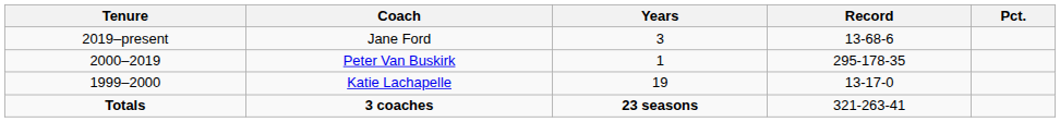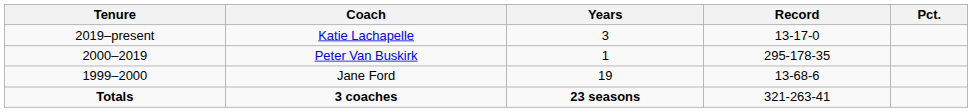 <table class="wikitable" width="60%">
 <tr>
 <th>Tenure</th>
 <th>Coach</th>
 <th>Years</th>
 <th>Record</th>
 <th>Pct.</th>
 </tr>
 <tr align="center">
 <td>2019–present</td>
-<td>Jane Ford</td>
+<td><a href='#'>Katie Lachapelle</a></td>
 <td>3</td>
-<td>13-68-6</td>
+<td>13-17-0</td>
 <td></td>
 </tr>
 <tr align="center">
 <td>2000–2019</td>
 <td><a href='#'>Peter Van Buskirk</a></td>
 <td>1</td>
 <td>295-178-35</td>
 <td></td>
 </tr>
 <tr align="center">
 <td>1999–2000</td>
-<td><a href='#'>Katie Lachapelle</a></td>
+<td>Jane Ford</td>
 <td>19</td>
-<td>13-17-0</td>
+<td>13-68-6</td>
 <td></td>
 </tr>
 <tr align="center">
 <td><strong>Totals</strong></td>
 <td><strong>3 coaches</strong></td>
 <td><strong>23 seasons</strong></td>
 <td>321-263-41</td>
 <td></td>
 </tr>
 </table>
